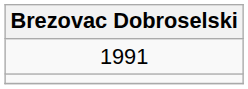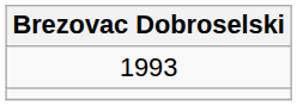 <table class="wikitable" style="margin: 0.5em auto; text-align: center;">
 <tr>
 <th colspan="1">Brezovac Dobroselski</th>
 </tr>
 <tr>
-<td>1991</td>
+<td>1993</td>
 </tr>
 <tr>
 <td></td>
 </tr>
 <tr>
 </tr>
 </table>
